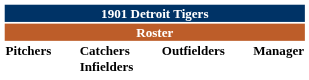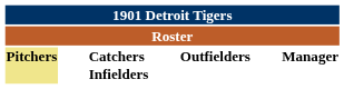 <table class="toccolours" style="font-size: 95%;">
 <tr>
 <th colspan="10" style="background:#036; color:white; text-align:center;">1901 Detroit Tigers</th>
 </tr>
 <tr>
 <td colspan="10" style="background:#bd5d29; color:white; text-align:center;"><strong>Roster</strong></td>
 </tr>
 <tr>
-<td valign="top"><strong>Pitchers</strong><br>      </td>
+<td valign="top" style="background: khaki;"><strong>Pitchers</strong><br>      </td>
 <td style="width:25px;"></td>
 <td valign="top"><strong>Catchers</strong><br>   <strong>Infielders</strong>      </td>
 <td style="width:25px;"></td>
 <td valign="top"><strong>Outfielders</strong><br>  </td>
 <td style="width:25px;"></td>
 <td valign="top"><strong>Manager</strong><br></td>
 </tr>
 </table>
